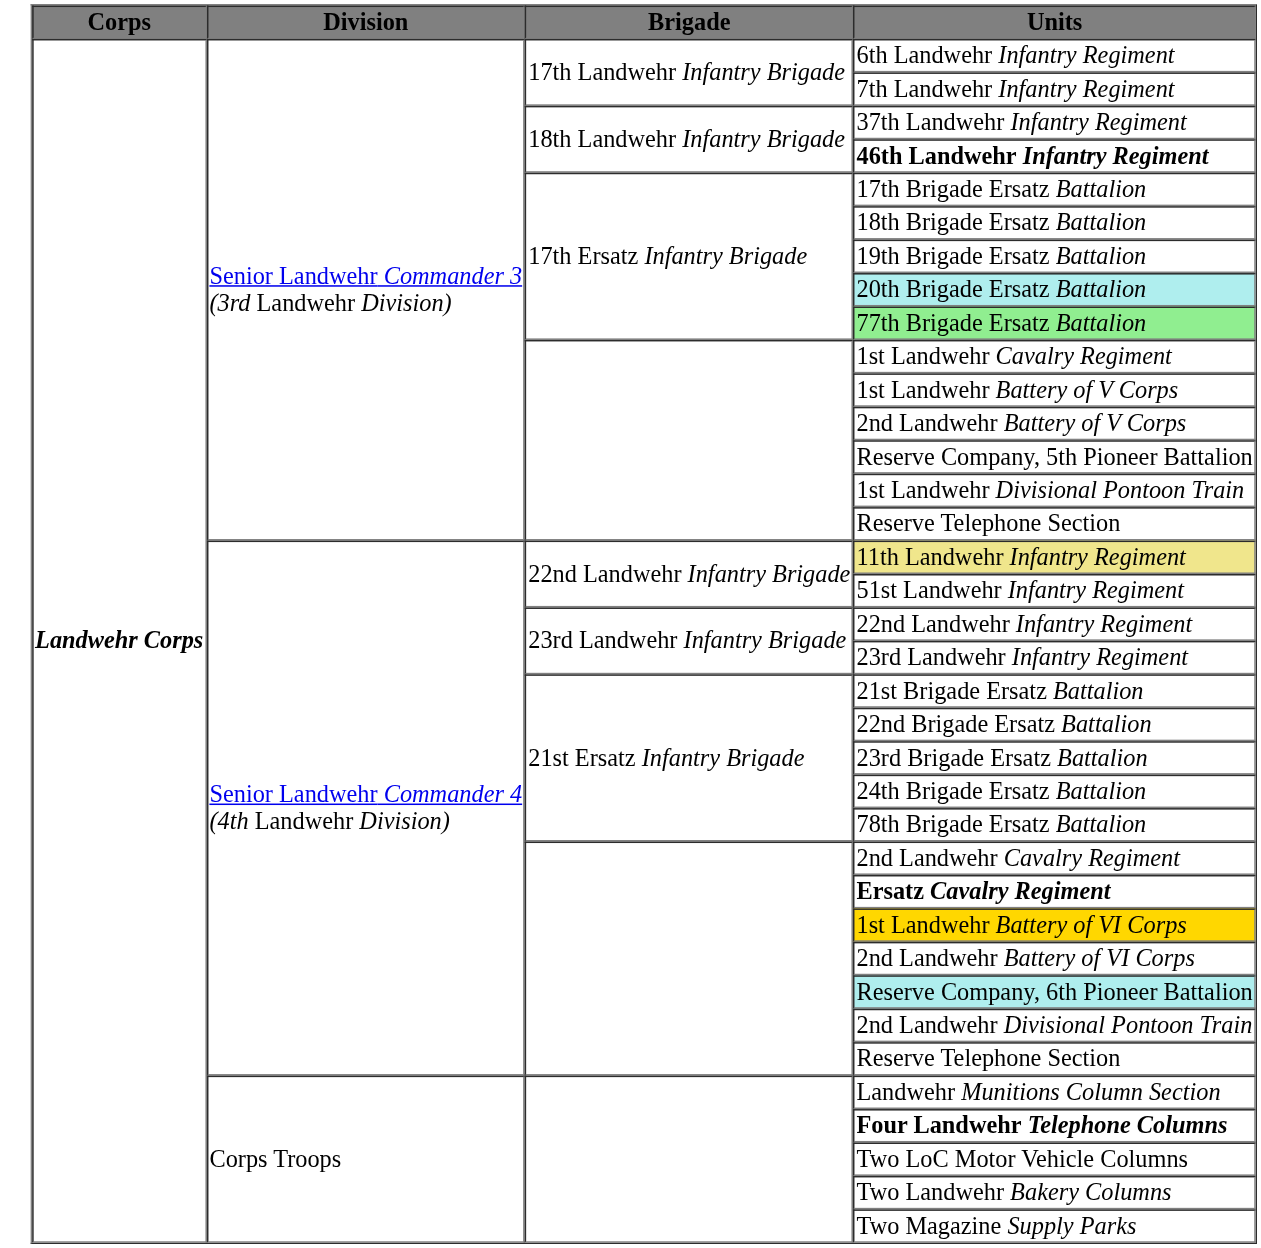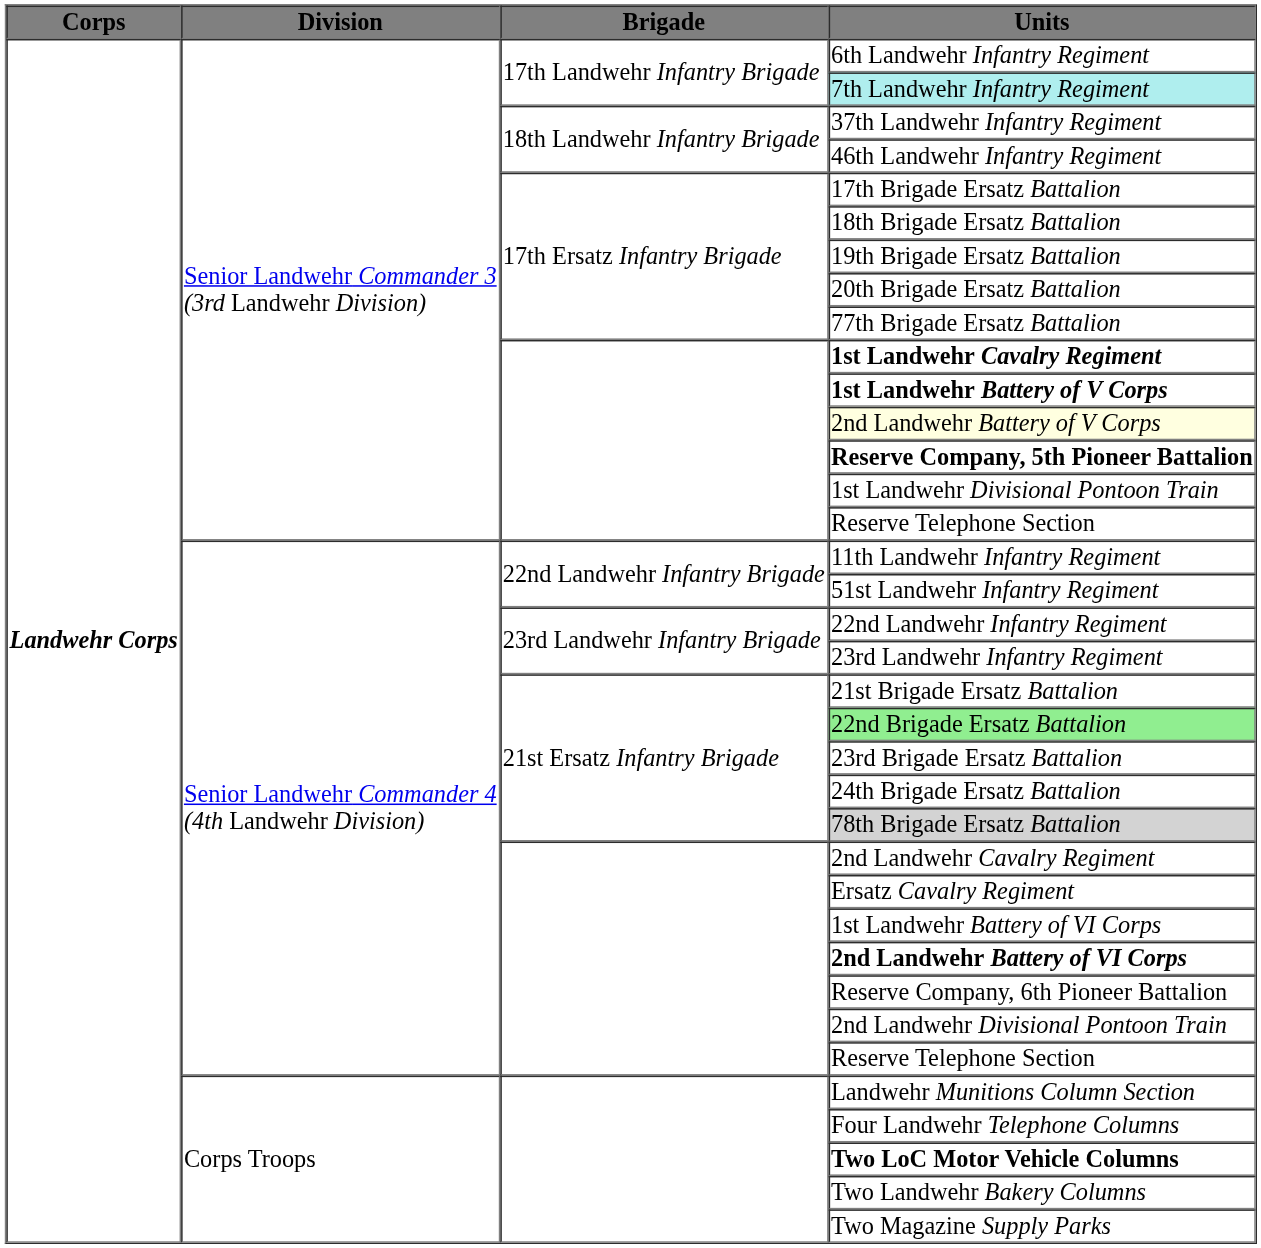 <table style="float: right;" border="1" cellpadding="1" cellspacing="0" style="font-size: 100%; border: gray solid 1px; border-collapse: collapse; text-align: center;">
 <tr style="background-color:grey; color:black;">
 <th>Corps</th>
 <th>Division</th>
 <th>Brigade</th>
 <th>Units</th>
 </tr>
 <tr>
 <td ROWSPAN=36><strong><em>Landwehr<em> Corps<strong></td>
 <td ROWSPAN=15><a href='#'>Senior </em>Landwehr<em> Commander 3</a><br>(3rd </em>Landwehr<em> Division)</td>
 <td ROWSPAN=2>17th </em>Landwehr<em> Infantry Brigade</td>
 <td>6th </em>Landwehr<em> Infantry Regiment</td>
 </tr>
 <tr>
-<td>7th </em>Landwehr<em> Infantry Regiment</td>
+<td style="background: paleturquoise;">7th </em>Landwehr<em> Infantry Regiment</td>
 </tr>
 <tr>
 <td ROWSPAN=2>18th </em>Landwehr<em> Infantry Brigade</td>
 <td>37th </em>Landwehr<em> Infantry Regiment</td>
 </tr>
 <tr>
-<td><strong>46th </em>Landwehr<em> Infantry Regiment</strong></td>
+<td>46th </em>Landwehr<em> Infantry Regiment</td>
 </tr>
 <tr>
 <td ROWSPAN=5>17th </em>Ersatz<em> Infantry Brigade</td>
 <td>17th Brigade </em>Ersatz<em> Battalion</td>
 </tr>
 <tr>
 <td>18th Brigade </em>Ersatz<em> Battalion</td>
 </tr>
 <tr>
 <td>19th Brigade </em>Ersatz<em> Battalion</td>
 </tr>
 <tr>
-<td style="background: paleturquoise;">20th Brigade </em>Ersatz<em> Battalion</td>
+<td>20th Brigade </em>Ersatz<em> Battalion</td>
 </tr>
 <tr>
-<td style="background: lightgreen;">77th Brigade </em>Ersatz<em> Battalion</td>
+<td>77th Brigade </em>Ersatz<em> Battalion</td>
 </tr>
 <tr>
 <td ROWSPAN=6></td>
-<td>1st </em>Landwehr<em> Cavalry Regiment</td>
+<td><strong>1st </em>Landwehr<em> Cavalry Regiment</strong></td>
 </tr>
 <tr>
-<td>1st </em>Landwehr<em> Battery of V Corps</td>
+<td><strong>1st </em>Landwehr<em> Battery of V Corps</strong></td>
 </tr>
 <tr>
-<td>2nd </em>Landwehr<em> Battery of V Corps</td>
+<td style="background: lightyellow;">2nd </em>Landwehr<em> Battery of V Corps</td>
 </tr>
 <tr>
-<td>Reserve Company, 5th Pioneer Battalion</td>
+<td><strong>Reserve Company, 5th Pioneer Battalion</strong></td>
 </tr>
 <tr>
 <td>1st </em>Landwehr<em> Divisional Pontoon Train</td>
 </tr>
 <tr>
 <td>Reserve Telephone Section</td>
 </tr>
 <tr>
 <td ROWSPAN=16><a href='#'>Senior </em>Landwehr<em> Commander 4</a><br>(4th </em>Landwehr<em> Division)</td>
 <td ROWSPAN=2>22nd </em>Landwehr<em> Infantry Brigade</td>
-<td style="background: khaki;">11th </em>Landwehr<em> Infantry Regiment</td>
+<td>11th </em>Landwehr<em> Infantry Regiment</td>
 </tr>
 <tr>
 <td>51st </em>Landwehr<em> Infantry Regiment</td>
 </tr>
 <tr>
 <td ROWSPAN=2>23rd </em>Landwehr<em> Infantry Brigade</td>
 <td>22nd </em>Landwehr<em> Infantry Regiment</td>
 </tr>
 <tr>
 <td>23rd </em>Landwehr<em> Infantry Regiment</td>
 </tr>
 <tr>
 <td ROWSPAN=5>21st </em>Ersatz<em> Infantry Brigade</td>
 <td>21st Brigade </em>Ersatz<em> Battalion</td>
 </tr>
 <tr>
-<td>22nd Brigade </em>Ersatz<em> Battalion</td>
+<td style="background: lightgreen;">22nd Brigade </em>Ersatz<em> Battalion</td>
 </tr>
 <tr>
 <td>23rd Brigade </em>Ersatz<em> Battalion</td>
 </tr>
 <tr>
 <td>24th Brigade </em>Ersatz<em> Battalion</td>
 </tr>
 <tr>
-<td>78th Brigade </em>Ersatz<em> Battalion</td>
+<td style="background: lightgrey;">78th Brigade </em>Ersatz<em> Battalion</td>
 </tr>
 <tr>
 <td ROWSPAN=7></td>
 <td>2nd </em>Landwehr<em> Cavalry Regiment</td>
 </tr>
 <tr>
-<td><strong></em>Ersatz<em> Cavalry Regiment</strong></td>
+<td></em>Ersatz<em> Cavalry Regiment</td>
 </tr>
 <tr>
-<td style="background: gold;">1st </em>Landwehr<em> Battery of VI Corps</td>
+<td>1st </em>Landwehr<em> Battery of VI Corps</td>
 </tr>
 <tr>
-<td>2nd </em>Landwehr<em> Battery of VI Corps</td>
+<td><strong>2nd </em>Landwehr<em> Battery of VI Corps</strong></td>
 </tr>
 <tr>
-<td style="background: paleturquoise;">Reserve Company, 6th Pioneer Battalion</td>
+<td>Reserve Company, 6th Pioneer Battalion</td>
 </tr>
 <tr>
 <td>2nd </em>Landwehr<em> Divisional Pontoon Train</td>
 </tr>
 <tr>
 <td>Reserve Telephone Section</td>
 </tr>
 <tr>
 <td ROWSPAN=5>Corps Troops</td>
 <td ROWSPAN=5></td>
 <td></em>Landwehr<em> Munitions Column Section</td>
 </tr>
 <tr>
-<td><strong>Four </em>Landwehr<em> Telephone Columns</strong></td>
+<td>Four </em>Landwehr<em> Telephone Columns</td>
 </tr>
 <tr>
-<td>Two LoC Motor Vehicle Columns</td>
+<td><strong>Two LoC Motor Vehicle Columns</strong></td>
 </tr>
 <tr>
 <td>Two </em>Landwehr<em> Bakery Columns</td>
 </tr>
 <tr>
 <td>Two </em>Magazine<em> Supply Parks</td>
 </tr>
 </table>
